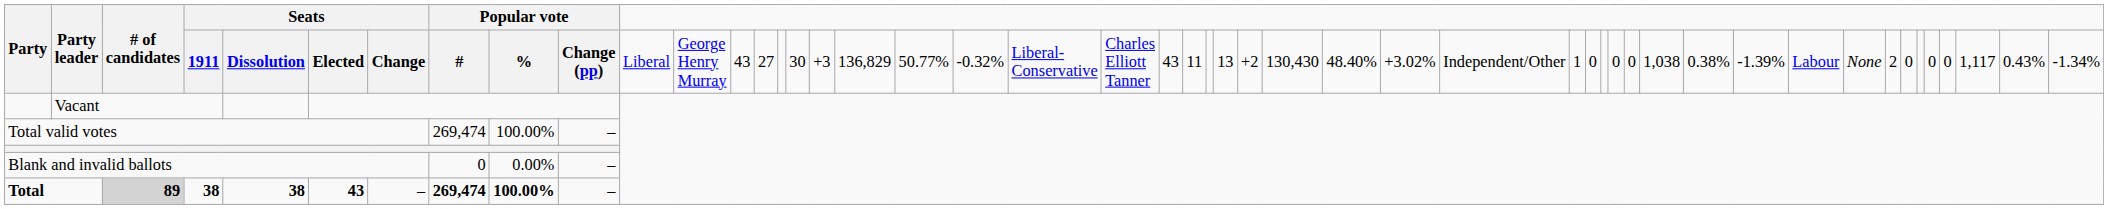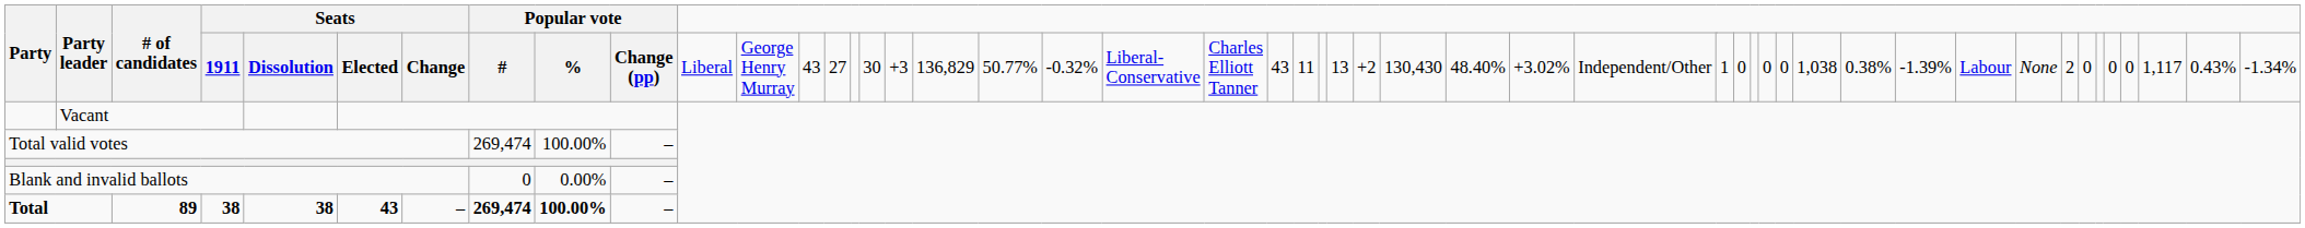 <table class="wikitable">
 <tr>
 <th rowspan="2" colspan="2">Party</th>
 <th rowspan="2">Party leader</th>
 <th rowspan="2"># of<br>candidates</th>
 <th colspan="4">Seats</th>
 <th colspan="3">Popular vote</th>
 </tr>
 <tr>
 <th><a href='#'>1911</a></th>
 <th><span><a href='#'>Dissolution</a></span></th>
 <th>Elected</th>
 <th>Change</th>
 <th>#</th>
 <th>%</th>
 <th>Change (<a href='#'>pp</a>)<br></th>
 <td><a href='#'>Liberal</a></td>
 <td><a href='#'>George Henry Murray</a></td>
 <td align="right">43</td>
 <td align="right">27</td>
 <td align="right"></td>
 <td align="right">30</td>
 <td align="right">+3</td>
 <td align="right">136,829</td>
 <td align="right">50.77%</td>
 <td align="right">-0.32%<br></td>
 <td><a href='#'>Liberal-Conservative</a></td>
 <td><a href='#'>Charles Elliott Tanner</a></td>
 <td align="right">43</td>
 <td align="right">11</td>
 <td align="right"></td>
 <td align="right">13</td>
 <td align="right">+2</td>
 <td align="right">130,430</td>
 <td align="right">48.40%</td>
 <td align="right">+3.02%<br></td>
 <td colspan=2>Independent/Other</td>
 <td align="right">1</td>
 <td align="right">0</td>
 <td align="right"></td>
 <td align="right">0</td>
 <td align="right">0</td>
 <td align="right">1,038</td>
 <td align="right">0.38%</td>
 <td align="right">-1.39%<br></td>
 <td><a href='#'>Labour</a></td>
 <td><em>None</em></td>
 <td align="right">2</td>
 <td align="right">0</td>
 <td align="right"></td>
 <td align="right">0</td>
 <td align="right">0</td>
 <td align="right">1,117</td>
 <td align="right">0.43%</td>
 <td align="right">-1.34%</td>
 </tr>
 <tr>
 <td> </td>
 <td colspan=4>Vacant</td>
 <td align="right"></td>
 <td colspan=5> </td>
 </tr>
 <tr>
 <td colspan="8">Total valid votes</td>
 <td align="right">269,474</td>
 <td align="right">100.00%</td>
 <td align="right">–</td>
 </tr>
 <tr>
 <th colspan="11"></th>
 </tr>
 <tr>
 <td colspan="8">Blank and invalid ballots</td>
 <td align="right">0</td>
 <td align="right">0.00%</td>
 <td align="right">–</td>
 </tr>
 <tr>
 <td colspan=3><strong>Total</strong></td>
-<td align="right" style="background: lightgrey;"><strong>89</strong></td>
+<td align="right"><strong>89</strong></td>
 <td align="right"><strong>38</strong></td>
 <td align="right"><strong>38</strong></td>
 <td align="right"><strong>43</strong></td>
 <td align="right">–</td>
 <td align="right"><strong>269,474</strong></td>
 <td align="right"><strong>100.00%</strong></td>
 <td align="right">–</td>
 </tr>
 </table>
